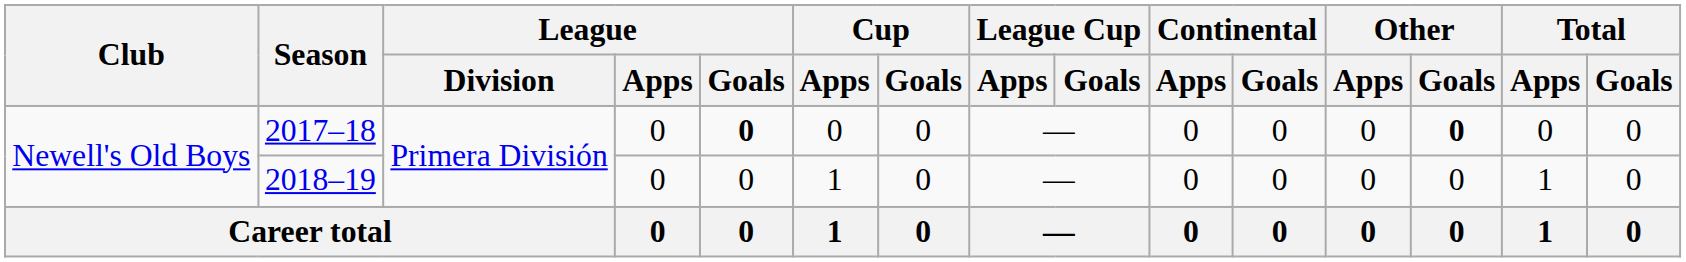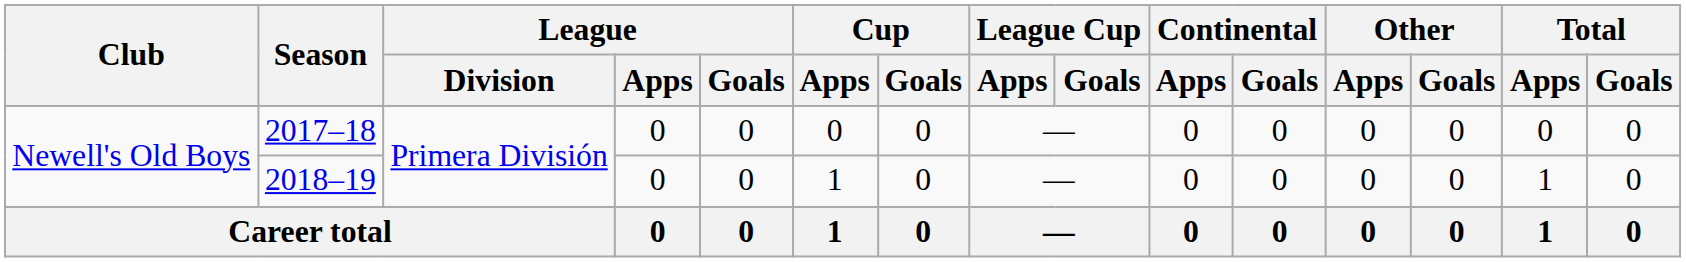 <table class="wikitable" style="text-align:center">
 <tr>
 <th rowspan="2">Club</th>
 <th rowspan="2">Season</th>
 <th colspan="3">League</th>
 <th colspan="2">Cup</th>
 <th colspan="2">League Cup</th>
 <th colspan="2">Continental</th>
 <th colspan="2">Other</th>
 <th colspan="2">Total</th>
 </tr>
 <tr>
 <th>Division</th>
 <th>Apps</th>
 <th>Goals</th>
 <th>Apps</th>
 <th>Goals</th>
 <th>Apps</th>
 <th>Goals</th>
 <th>Apps</th>
 <th>Goals</th>
 <th>Apps</th>
 <th>Goals</th>
 <th>Apps</th>
 <th>Goals</th>
 </tr>
 <tr>
 <td rowspan="2"><a href='#'>Newell's Old Boys</a></td>
 <td><a href='#'>2017–18</a></td>
 <td rowspan="2"><a href='#'>Primera División</a></td>
 <td>0</td>
-<td><strong>0</strong></td>
+<td>0</td>
 <td>0</td>
 <td>0</td>
 <td colspan="2">—</td>
 <td>0</td>
 <td>0</td>
 <td>0</td>
-<td><strong>0</strong></td>
+<td>0</td>
 <td>0</td>
 <td>0</td>
 </tr>
 <tr>
 <td><a href='#'>2018–19</a></td>
 <td>0</td>
 <td>0</td>
 <td>1</td>
 <td>0</td>
 <td colspan="2">—</td>
 <td>0</td>
 <td>0</td>
 <td>0</td>
 <td>0</td>
 <td>1</td>
 <td>0</td>
 </tr>
 <tr>
 <th colspan="3">Career total</th>
 <th>0</th>
 <th>0</th>
 <th>1</th>
 <th>0</th>
 <th colspan="2">—</th>
 <th>0</th>
 <th>0</th>
 <th>0</th>
 <th>0</th>
 <th>1</th>
 <th>0</th>
 </tr>
 </table>
